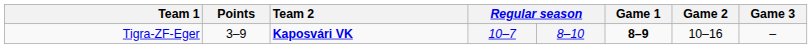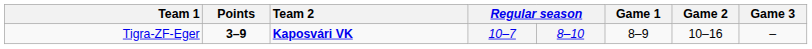 <table class=wikitable style="text-align:center">
 <tr>
 <th style="width:250px; text-align:right;">Team 1</th>
 <th style="width:80px;">Points</th>
 <th style="width:250px; text-align:left;">Team 2</th>
 <th colspan=2; style="width:170px;"><em><a href='#'>Regular season</a></em></th>
 <th style="width:80px;">Game 1</th>
 <th style="width:80px;">Game 2</th>
 <th style="width:80px;">Game 3</th>
 </tr>
 <tr>
 <td style="text-align:right;"><a href='#'>Tigra-ZF-Eger</a></td>
-<td>3–9</td>
+<td><strong>3–9</strong></td>
 <td style="text-align:left;"><strong><a href='#'>Kaposvári VK</a></strong></td>
 <td bgcolor=#f5f5f5><em><a href='#'>10–7</a></em></td>
 <td bgcolor=#f5f5f5><em><a href='#'>8–10</a></em></td>
-<td><strong>8–9</strong></td>
+<td>8–9</td>
 <td>10–16</td>
 <td>–</td>
 </tr>
 </table>
